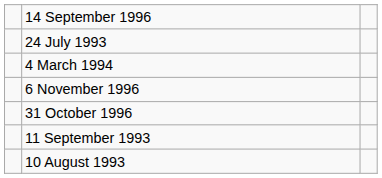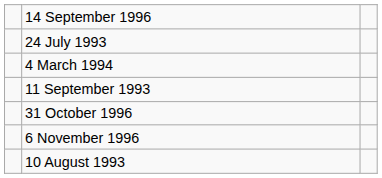 <table class="wikitable" style="font-size: 89%; float: left; width: 26em; margin-right: 1em; height: 168px;">
 <tr>
 <td></td>
 <td>14 September 1996</td>
 <td></td>
 </tr>
 <tr>
 <td></td>
 <td>24 July 1993</td>
 <td></td>
 </tr>
 <tr>
 <td></td>
 <td>4 March 1994</td>
 <td></td>
 </tr>
 <tr>
 <td></td>
-<td>6 November 1996</td>
+<td>11 September 1993</td>
 <td></td>
 </tr>
 <tr>
 <td></td>
 <td>31 October 1996</td>
 <td></td>
 </tr>
 <tr>
 <td></td>
-<td>11 September 1993</td>
+<td>6 November 1996</td>
 <td></td>
 </tr>
 <tr>
 <td></td>
 <td>10 August 1993</td>
 <td></td>
 </tr>
 </table>
